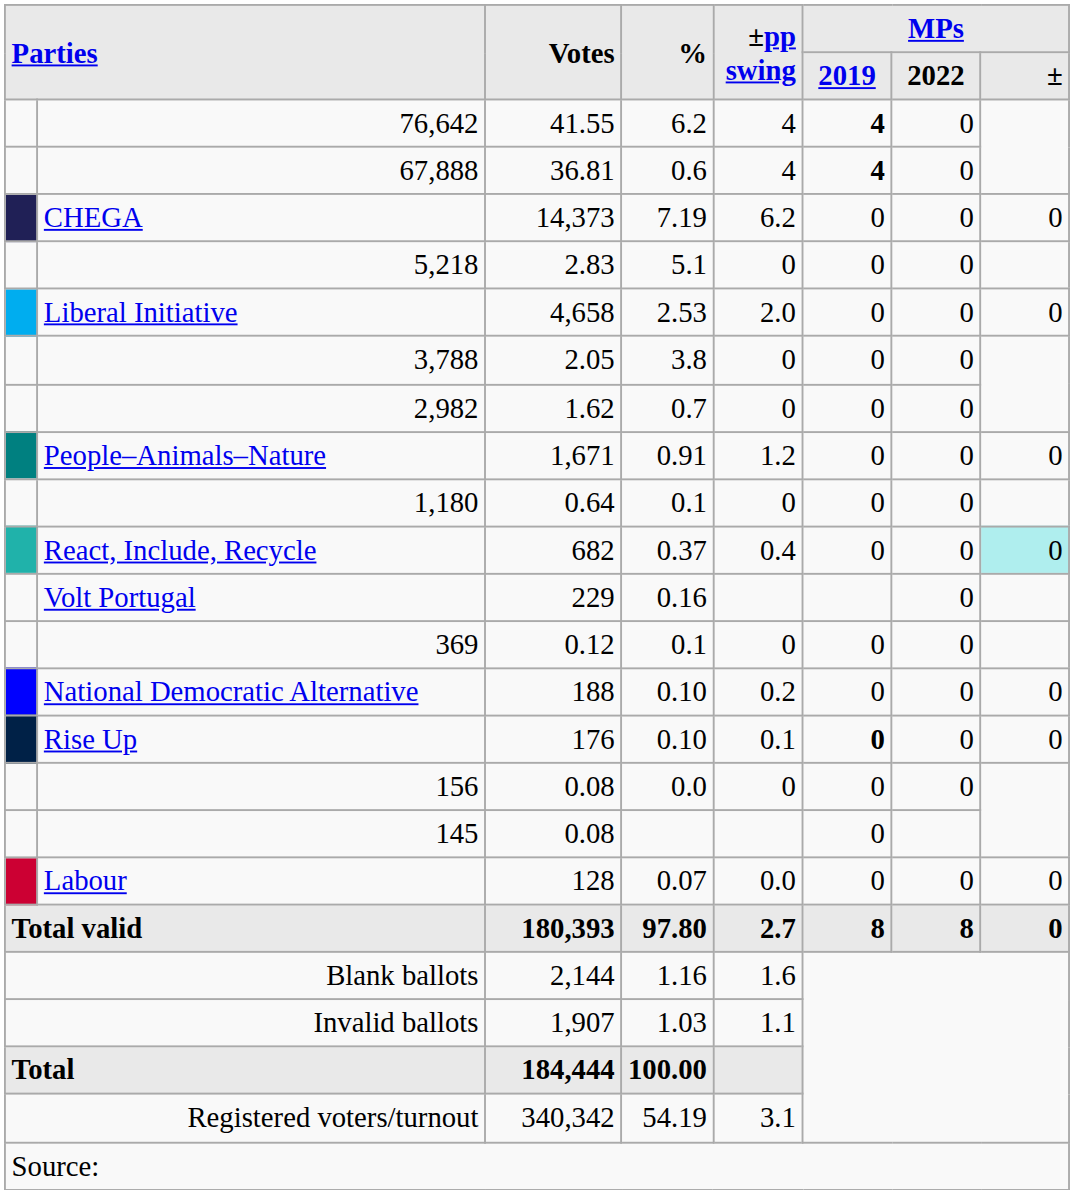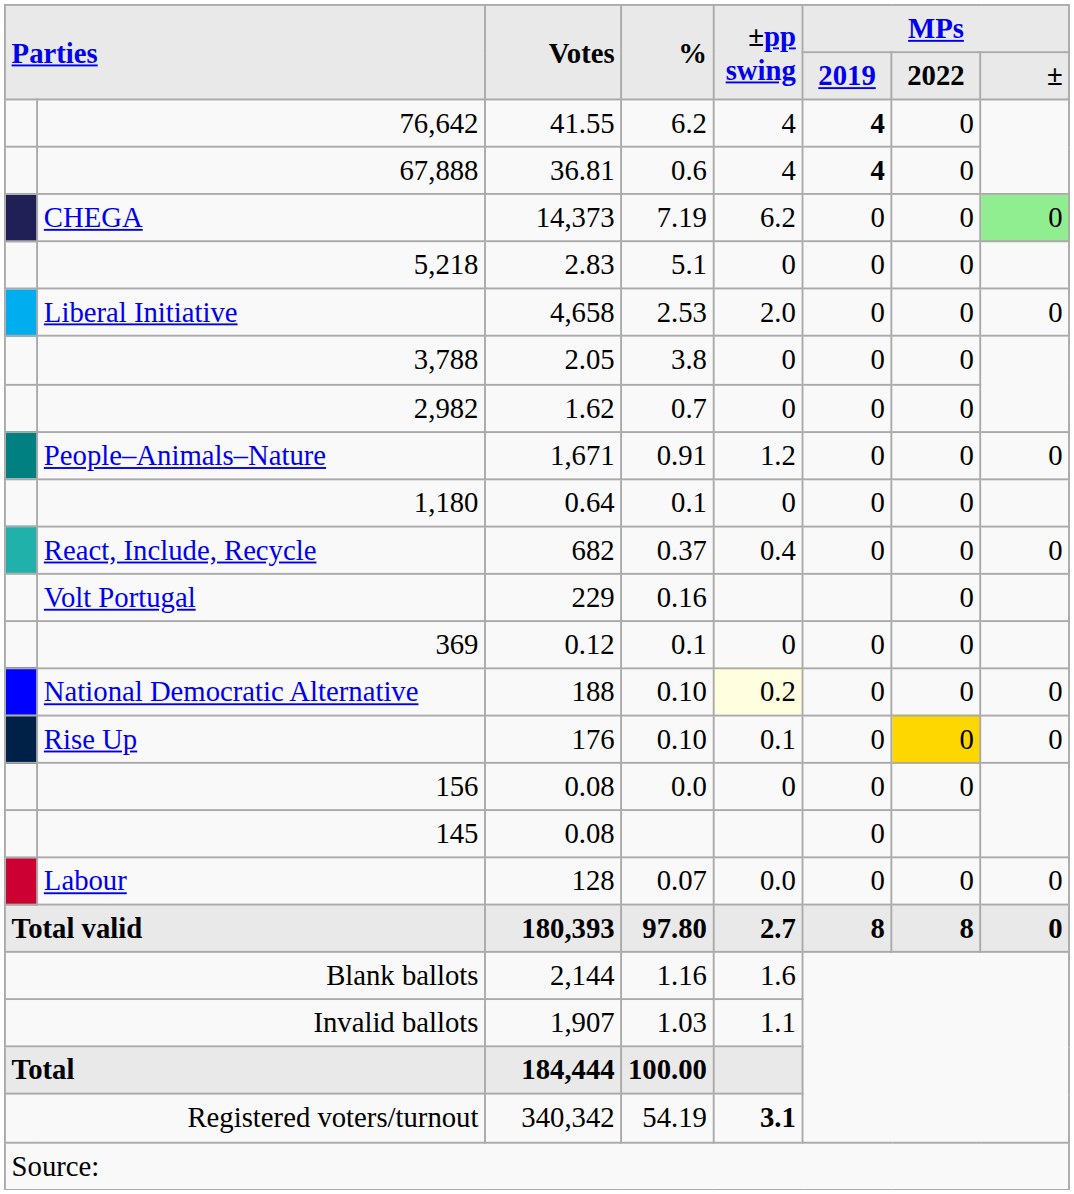 <table class="wikitable" style="text-align:right; font-size:95%;">
 <tr>
 <th rowspan="2" colspan="2" style="background:#e9e9e9; text-align:left;" alignleft><a href='#'>Parties</a></th>
 <th rowspan="2" style="background:#e9e9e9; text-align:right;">Votes</th>
 <th rowspan="2" style="background:#e9e9e9; text-align:right;">%</th>
 <th rowspan="2" style="background:#e9e9e9; text-align:right;">±<a href='#'>pp</a> <a href='#'>swing</a></th>
 <th colspan="3" style="background:#e9e9e9; text-align:center;"><a href='#'>MPs</a></th>
 </tr>
 <tr style="background-color:#E9E9E9">
 <th style="background-color:#E9E9E9;text-align:center;"><a href='#'>2019</a></th>
 <th style="background-color:#E9E9E9;text-align:center;">2022</th>
 <th style="background:#e9e9e9; text-align:right;">±</th>
 </tr>
 <tr>
 <td></td>
 <td>76,642</td>
 <td>41.55</td>
 <td>6.2</td>
 <td>4</td>
 <td><strong>4</strong></td>
 <td>0</td>
 </tr>
 <tr>
 <td></td>
 <td>67,888</td>
 <td>36.81</td>
 <td>0.6</td>
 <td>4</td>
 <td><strong>4</strong></td>
 <td>0</td>
 </tr>
 <tr>
 <td style="width: 10px" bgcolor="#202056" align="center"></td>
 <td align="left"><a href='#'>CHEGA</a></td>
 <td>14,373</td>
 <td>7.19</td>
 <td>6.2</td>
 <td>0</td>
 <td>0</td>
-<td>0</td>
+<td style="background: lightgreen;">0</td>
 </tr>
 <tr>
 <td></td>
 <td>5,218</td>
 <td>2.83</td>
 <td>5.1</td>
 <td>0</td>
 <td>0</td>
 <td>0</td>
 </tr>
 <tr>
 <td style="width: 10px" bgcolor="#00ADEF" align="center"></td>
 <td align="left"><a href='#'>Liberal Initiative</a></td>
 <td>4,658</td>
 <td>2.53</td>
 <td>2.0</td>
 <td>0</td>
 <td>0</td>
 <td>0</td>
 </tr>
 <tr>
 <td></td>
 <td>3,788</td>
 <td>2.05</td>
 <td>3.8</td>
 <td>0</td>
 <td>0</td>
 <td>0</td>
 </tr>
 <tr>
 <td></td>
 <td>2,982</td>
 <td>1.62</td>
 <td>0.7</td>
 <td>0</td>
 <td>0</td>
 <td>0</td>
 </tr>
 <tr>
 <td style="width: 10px" bgcolor="teal" align="center"></td>
 <td align="left"><a href='#'>People–Animals–Nature</a></td>
 <td>1,671</td>
 <td>0.91</td>
 <td>1.2</td>
 <td>0</td>
 <td>0</td>
 <td>0</td>
 </tr>
 <tr>
 <td></td>
 <td>1,180</td>
 <td>0.64</td>
 <td>0.1</td>
 <td>0</td>
 <td>0</td>
 <td>0</td>
 </tr>
 <tr>
 <td style="width: 10px" bgcolor="LightSeaGreen" align="center"></td>
 <td align="left"><a href='#'>React, Include, Recycle</a></td>
 <td>682</td>
 <td>0.37</td>
 <td>0.4</td>
 <td>0</td>
 <td>0</td>
-<td style="background: paleturquoise;">0</td>
+<td>0</td>
 </tr>
 <tr>
 <td style="width: 10px"></td>
 <td align="left"><a href='#'>Volt Portugal</a></td>
 <td>229</td>
 <td>0.16</td>
 <td></td>
 <td></td>
 <td>0</td>
 <td></td>
 </tr>
 <tr>
 <td></td>
 <td>369</td>
 <td>0.12</td>
 <td>0.1</td>
 <td>0</td>
 <td>0</td>
 <td>0</td>
 </tr>
 <tr>
 <td style="width: 10px" bgcolor="blue" align="center"></td>
 <td align="left"><a href='#'>National Democratic Alternative</a></td>
 <td>188</td>
 <td>0.10</td>
-<td>0.2</td>
+<td style="background: lightyellow;">0.2</td>
 <td>0</td>
 <td>0</td>
 <td>0</td>
 </tr>
 <tr>
 <td style="width: 10px" bgcolor="#002147" align="center"></td>
 <td align="left"><a href='#'>Rise Up</a></td>
 <td>176</td>
 <td>0.10</td>
 <td>0.1</td>
-<td><strong>0</strong></td>
 <td>0</td>
+<td style="background: gold;">0</td>
 <td>0</td>
 </tr>
 <tr>
 <td></td>
 <td>156</td>
 <td>0.08</td>
 <td>0.0</td>
 <td>0</td>
 <td>0</td>
 <td>0</td>
 </tr>
 <tr>
 <td></td>
 <td>145</td>
 <td>0.08</td>
 <td></td>
 <td></td>
 <td>0</td>
 <td></td>
 </tr>
 <tr>
 <td style="width: 10px" bgcolor="#CC0033" align="center"></td>
 <td align="left"><a href='#'>Labour</a></td>
 <td>128</td>
 <td>0.07</td>
 <td>0.0</td>
 <td>0</td>
 <td>0</td>
 <td>0</td>
 </tr>
 <tr>
 <td colspan=2 width="247" align=left style="background-color:#E9E9E9"><strong>Total valid</strong></td>
 <td width="65" align="right" style="background-color:#E9E9E9"><strong>180,393</strong></td>
 <td width="40" align="right" style="background-color:#E9E9E9"><strong>97.80</strong></td>
 <td width="40" align="right" style="background-color:#E9E9E9"><strong>2.7</strong></td>
 <td width="40" align="right" style="background-color:#E9E9E9"><strong>8</strong></td>
 <td width="40" align="right" style="background-color:#E9E9E9"><strong>8</strong></td>
 <td width="40" align="right" style="background-color:#E9E9E9"><strong>0</strong></td>
 </tr>
 <tr>
 <td colspan=2>Blank ballots</td>
 <td>2,144</td>
 <td>1.16</td>
 <td>1.6</td>
 <td colspan=4 rowspan=4></td>
 </tr>
 <tr>
 <td colspan=2>Invalid ballots</td>
 <td>1,907</td>
 <td>1.03</td>
 <td>1.1</td>
 </tr>
 <tr>
 <td colspan=2 align=left style="background-color:#E9E9E9"><strong>Total</strong></td>
 <td width="50" align="right" style="background-color:#E9E9E9"><strong>184,444</strong></td>
 <td width="40" align="right" style="background-color:#E9E9E9"><strong>100.00</strong></td>
 <td width="40" align="right" style="background-color:#E9E9E9"></td>
 </tr>
 <tr>
 <td colspan=2>Registered voters/turnout</td>
 <td>340,342</td>
 <td>54.19</td>
-<td>3.1</td>
+<td><strong>3.1</strong></td>
 </tr>
 <tr>
 <td colspan=11 align=left>Source: </td>
 </tr>
 </table>
